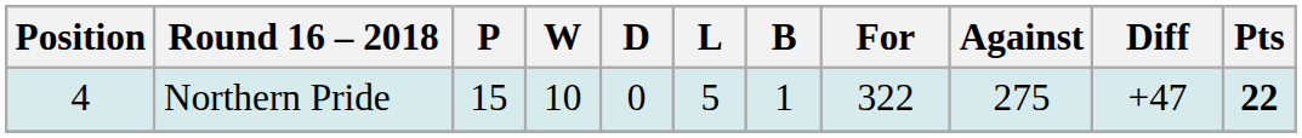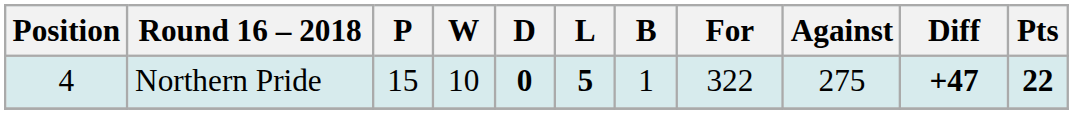 <table class="wikitable" style="text-align:center; font-size:85%;">
 <tr style="background: #d7ebed;">
 <th width="40" abbr="Position">Position</th>
 <th width="100">Round 16 – 2018</th>
 <th width="20" abbr="Played">P</th>
 <th width="20" abbr="Won">W</th>
 <th width="20" abbr="Drawn">D</th>
 <th width="20" abbr="Lost">L</th>
 <th width="20" abbr="Bye">B</th>
 <th width="40" abbr="Points for">For</th>
 <th width="40" abbr="Points against">Against</th>
 <th width="40" abbr="Points difference">Diff</th>
 <th width=20 abbr="Points">Pts</th>
 </tr>
 <tr style="background: #d7ebed;">
 <td>4</td>
 <td style="text-align:left;"> Northern Pride</td>
 <td>15</td>
 <td>10</td>
-<td>0</td>
-<td>5</td>
+<td><strong>0</strong></td>
+<td><strong>5</strong></td>
 <td>1</td>
 <td>322</td>
 <td>275</td>
-<td>+47</td>
+<td><strong>+47</strong></td>
 <td><strong>22</strong></td>
 </tr>
 <tr>
 </tr>
 </table>
